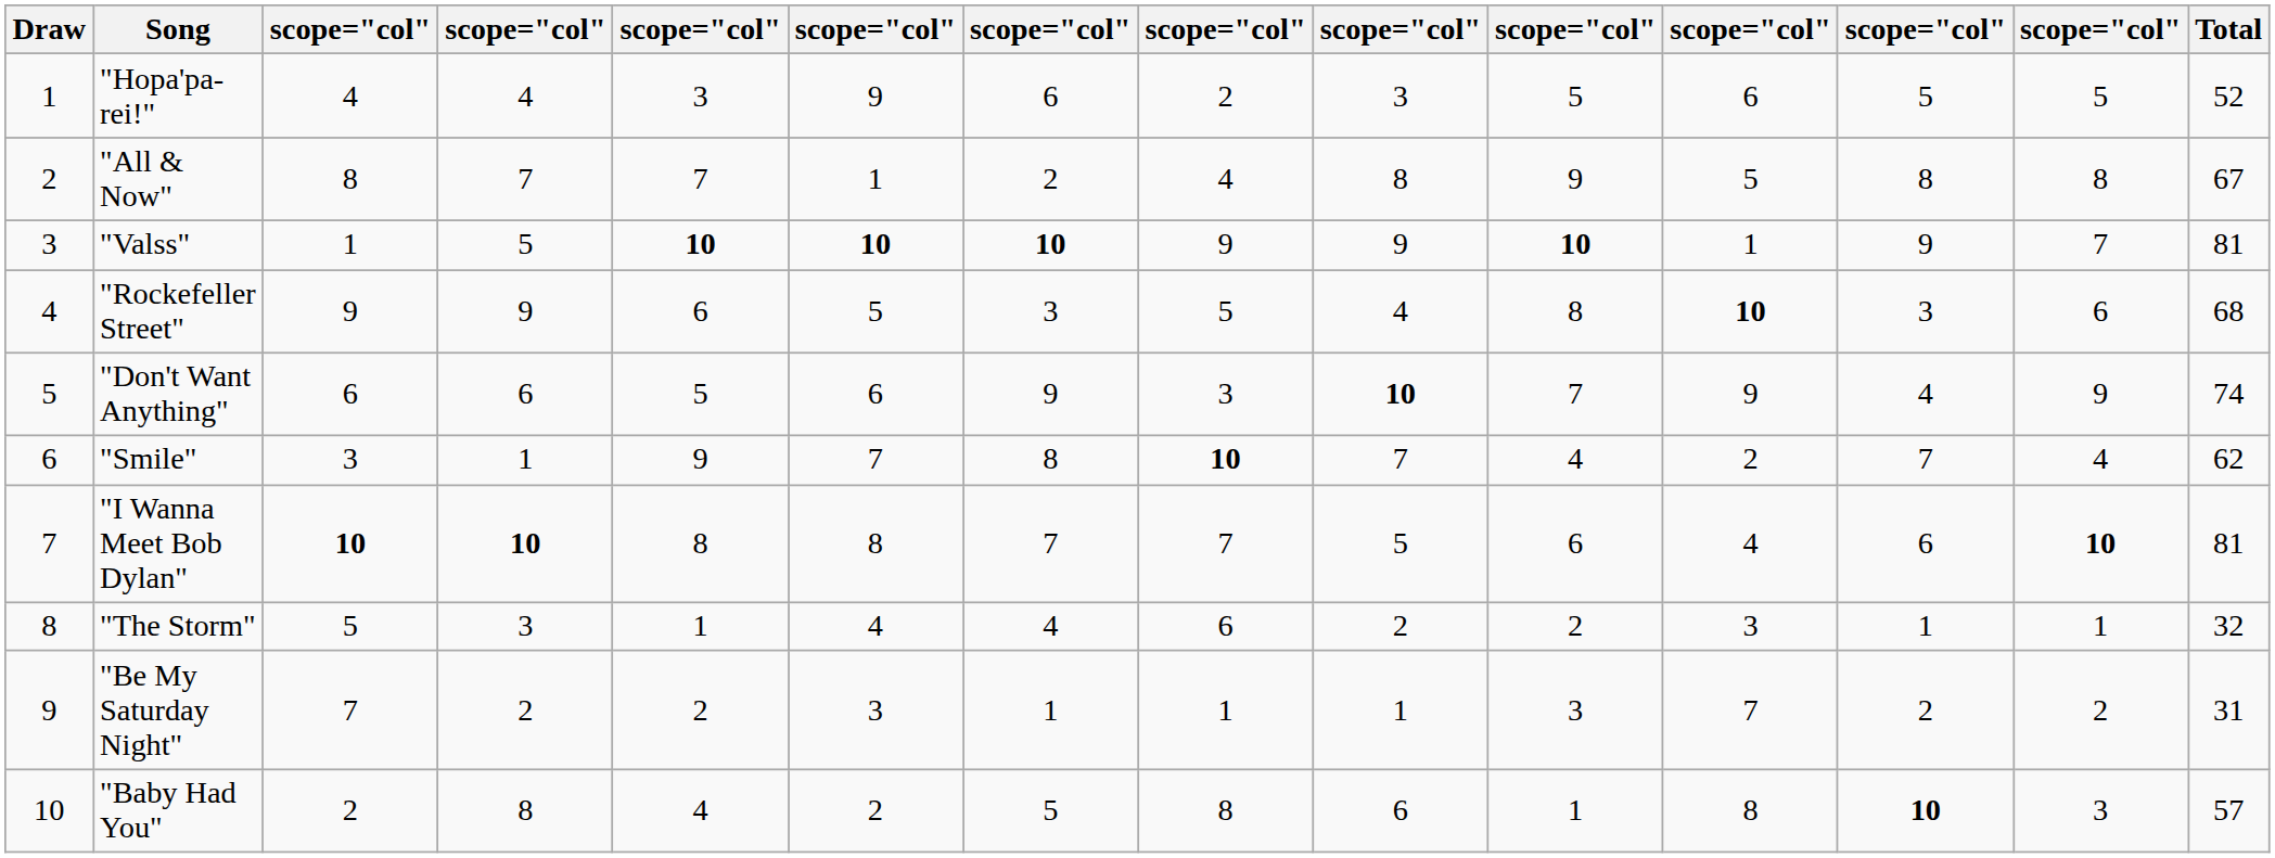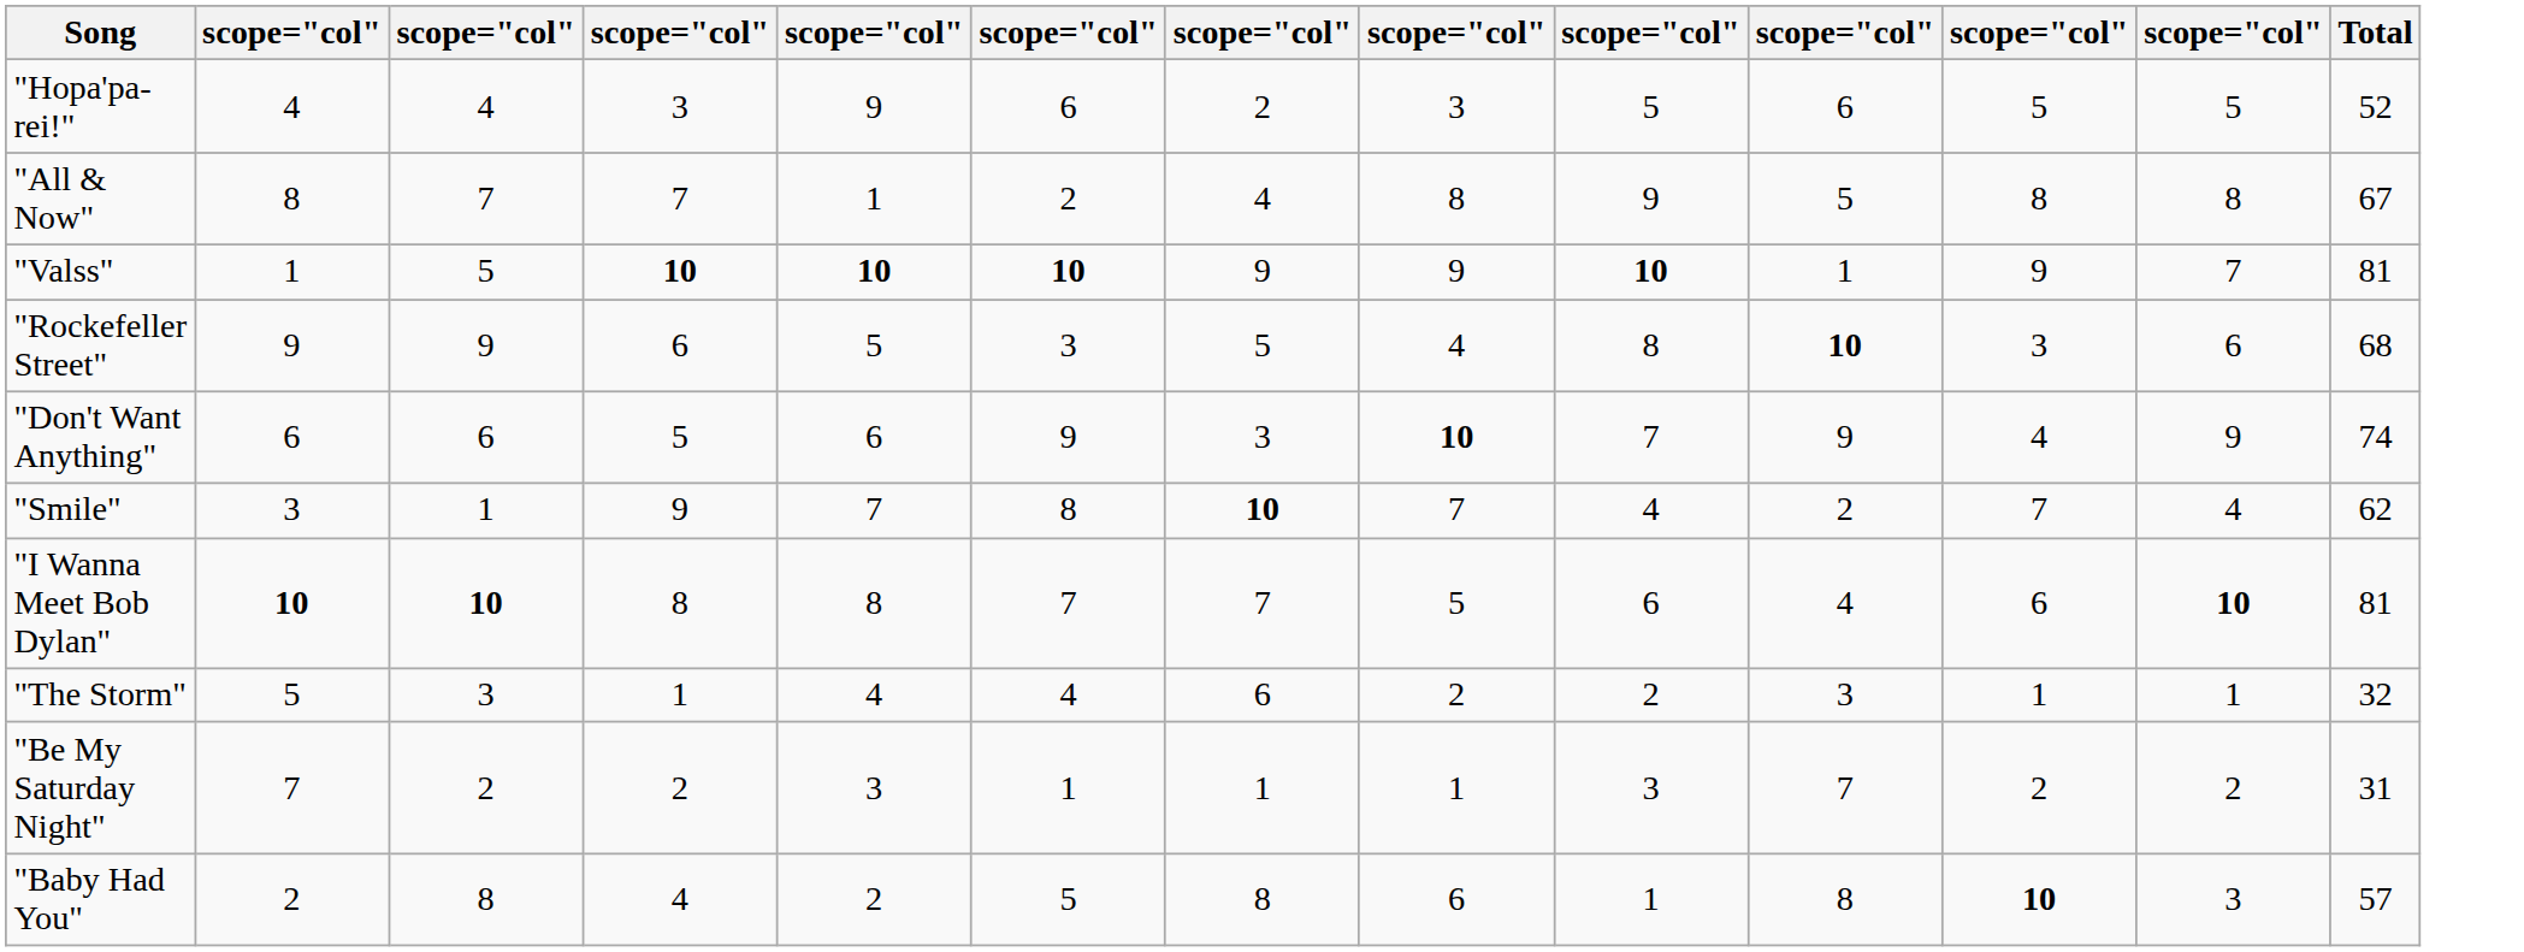 <table class="wikitable collapsible" style="margin: 1em auto 1em auto; text-align:center;">
 <tr>
-<th>Draw</th>
 <th>Song</th>
 <th>scope="col" </th>
 <th>scope="col" </th>
 <th>scope="col" </th>
 <th>scope="col" </th>
 <th>scope="col" </th>
 <th>scope="col" </th>
 <th>scope="col" </th>
 <th>scope="col" </th>
 <th>scope="col" </th>
 <th>scope="col" </th>
 <th>scope="col" </th>
 <th>Total</th>
 </tr>
 <tr>
-<td>1</td>
 <td align="left">"Hopa'pa-rei!"</td>
 <td>4</td>
 <td>4</td>
 <td>3</td>
 <td>9</td>
 <td>6</td>
 <td>2</td>
 <td>3</td>
 <td>5</td>
 <td>6</td>
 <td>5</td>
 <td>5</td>
 <td>52</td>
 </tr>
 <tr>
-<td>2</td>
 <td align="left">"All & Now"</td>
 <td>8</td>
 <td>7</td>
 <td>7</td>
 <td>1</td>
 <td>2</td>
 <td>4</td>
 <td>8</td>
 <td>9</td>
 <td>5</td>
 <td>8</td>
 <td>8</td>
 <td>67</td>
 </tr>
 <tr>
-<td>3</td>
 <td align="left">"Valss"</td>
 <td>1</td>
 <td>5</td>
 <td><strong>10</strong></td>
 <td><strong>10</strong></td>
 <td><strong>10</strong></td>
 <td>9</td>
 <td>9</td>
 <td><strong>10</strong></td>
 <td>1</td>
 <td>9</td>
 <td>7</td>
 <td>81</td>
 </tr>
 <tr>
-<td>4</td>
 <td align="left">"Rockefeller Street"</td>
 <td>9</td>
 <td>9</td>
 <td>6</td>
 <td>5</td>
 <td>3</td>
 <td>5</td>
 <td>4</td>
 <td>8</td>
 <td><strong>10</strong></td>
 <td>3</td>
 <td>6</td>
 <td>68</td>
 </tr>
 <tr>
-<td>5</td>
 <td align="left">"Don't Want Anything"</td>
 <td>6</td>
 <td>6</td>
 <td>5</td>
 <td>6</td>
 <td>9</td>
 <td>3</td>
 <td><strong>10</strong></td>
 <td>7</td>
 <td>9</td>
 <td>4</td>
 <td>9</td>
 <td>74</td>
 </tr>
 <tr>
-<td>6</td>
 <td align="left">"Smile"</td>
 <td>3</td>
 <td>1</td>
 <td>9</td>
 <td>7</td>
 <td>8</td>
 <td><strong>10</strong></td>
 <td>7</td>
 <td>4</td>
 <td>2</td>
 <td>7</td>
 <td>4</td>
 <td>62</td>
 </tr>
 <tr>
-<td>7</td>
 <td align="left">"I Wanna Meet Bob Dylan"</td>
 <td><strong>10</strong></td>
 <td><strong>10</strong></td>
 <td>8</td>
 <td>8</td>
 <td>7</td>
 <td>7</td>
 <td>5</td>
 <td>6</td>
 <td>4</td>
 <td>6</td>
 <td><strong>10</strong></td>
 <td>81</td>
 </tr>
 <tr>
-<td>8</td>
 <td align="left">"The Storm"</td>
 <td>5</td>
 <td>3</td>
 <td>1</td>
 <td>4</td>
 <td>4</td>
 <td>6</td>
 <td>2</td>
 <td>2</td>
 <td>3</td>
 <td>1</td>
 <td>1</td>
 <td>32</td>
 </tr>
 <tr>
-<td>9</td>
 <td align="left">"Be My Saturday Night"</td>
 <td>7</td>
 <td>2</td>
 <td>2</td>
 <td>3</td>
 <td>1</td>
 <td>1</td>
 <td>1</td>
 <td>3</td>
 <td>7</td>
 <td>2</td>
 <td>2</td>
 <td>31</td>
 </tr>
 <tr>
-<td>10</td>
 <td align="left">"Baby Had You"</td>
 <td>2</td>
 <td>8</td>
 <td>4</td>
 <td>2</td>
 <td>5</td>
 <td>8</td>
 <td>6</td>
 <td>1</td>
 <td>8</td>
 <td><strong>10</strong></td>
 <td>3</td>
 <td>57</td>
 </tr>
 </table>
